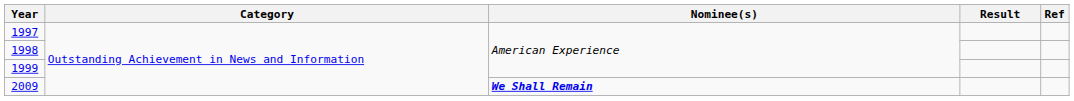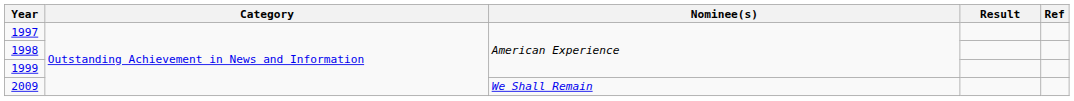 <table class="wikitable sortable" style="width:98%">
 <tr>
 <th scope="col" style="width:3%;">Year</th>
 <th scope="col" style="width:33%;">Category</th>
 <th scope="col" style="width:35%;">Nominee(s)</th>
 <th scope="col" style="width:6%;">Result</th>
 <th scope="col" class="unsortable" style="width:1%;">Ref</th>
 </tr>
 <tr>
 <td align="center" rowspan="1"><a href='#'>1997</a></td>
 <td rowspan="4"><a href='#'>Outstanding Achievement in News and Information</a></td>
 <td rowspan="3"><em>American Experience</em></td>
 <td></td>
 <td align="center"></td>
 </tr>
 <tr>
 <td align="center" rowspan="1"><a href='#'>1998</a></td>
 <td></td>
 <td align="center"></td>
 </tr>
 <tr>
 <td align="center" rowspan="1"><a href='#'>1999</a></td>
 <td></td>
 <td align="center"></td>
 </tr>
 <tr>
 <td align="center" rowspan="1"><a href='#'>2009</a></td>
-<td><strong><em><a href='#'>We Shall Remain</a></em></strong></td>
+<td><em><a href='#'>We Shall Remain</a></em></td>
 <td></td>
 <td align="center"></td>
 </tr>
 </table>
